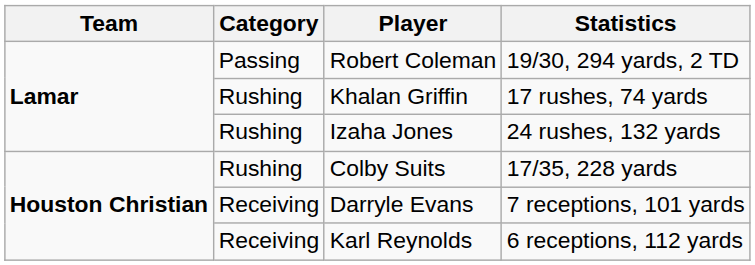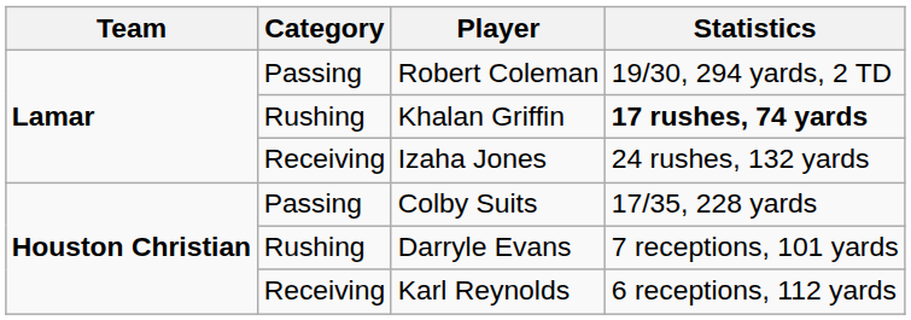 <table class="wikitable" style="float: right;">
 <tr>
 <th>Team</th>
 <th>Category</th>
 <th>Player</th>
 <th>Statistics</th>
 </tr>
 <tr>
 <td rowspan=3><strong>Lamar</strong></td>
 <td>Passing</td>
 <td>Robert Coleman</td>
 <td>19/30, 294 yards, 2 TD</td>
 </tr>
 <tr>
 <td>Rushing</td>
 <td>Khalan Griffin</td>
-<td>17 rushes, 74 yards</td>
+<td><strong>17 rushes, 74 yards</strong></td>
 </tr>
 <tr>
-<td>Rushing</td>
+<td>Receiving</td>
 <td>Izaha Jones</td>
 <td>24 rushes, 132 yards</td>
 </tr>
 <tr>
 <td rowspan=3><strong>Houston Christian</strong></td>
-<td>Rushing</td>
+<td>Passing</td>
 <td>Colby Suits</td>
 <td>17/35, 228 yards</td>
 </tr>
 <tr>
-<td>Receiving</td>
+<td>Rushing</td>
 <td>Darryle Evans</td>
 <td>7 receptions, 101 yards</td>
 </tr>
 <tr>
 <td>Receiving</td>
 <td>Karl Reynolds</td>
 <td>6 receptions, 112 yards</td>
 </tr>
 </table>
